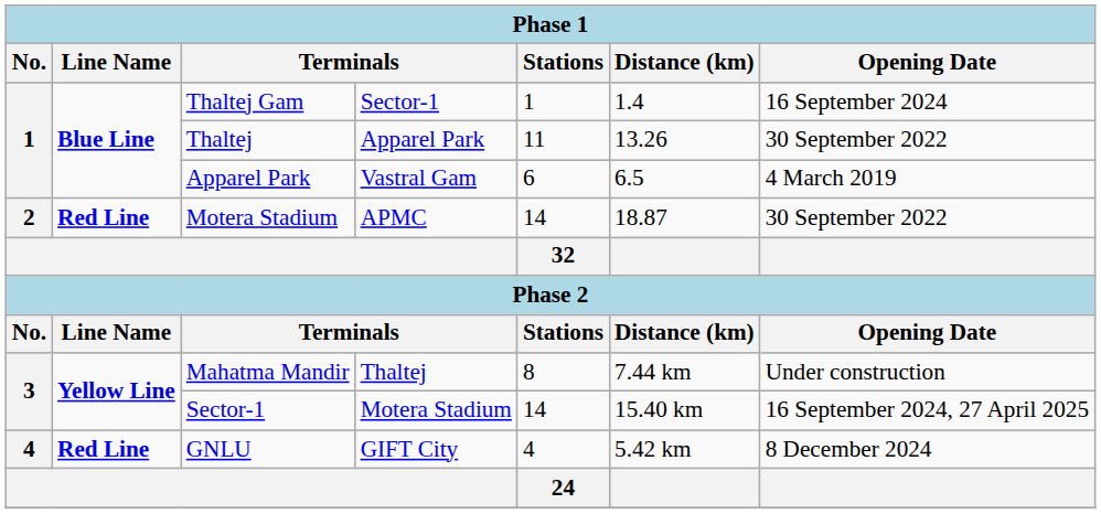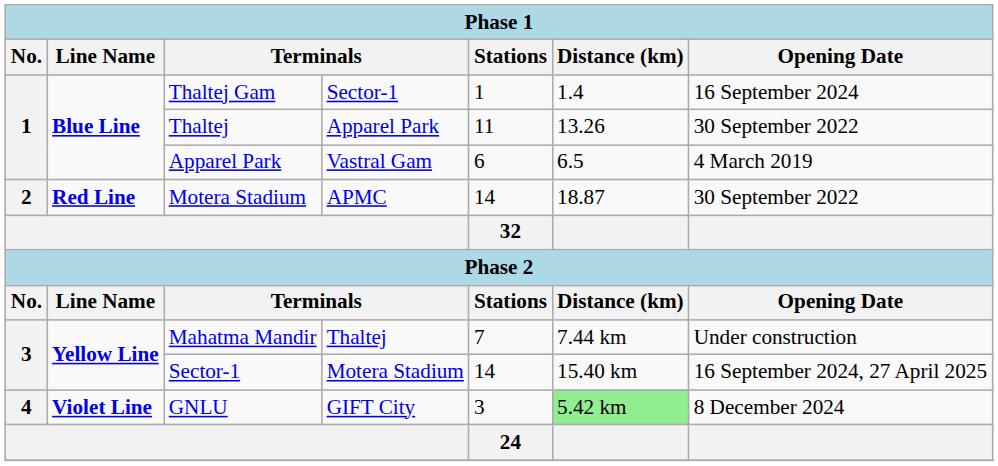 <table class="wikitable sortable" style="font-size:85%;margin:auto">
 <tr>
 <th colspan="7" style="background:#ADD8E6;">Phase 1</th>
 </tr>
 <tr>
 <th>No.</th>
 <th>Line Name</th>
 <th colspan="2">Terminals</th>
 <th>Stations</th>
 <th>Distance (km)</th>
 <th>Opening Date</th>
 </tr>
 <tr>
 <th rowspan="3">1</th>
 <td rowspan="3" style="background:#"><a href='#'><span><strong>Blue Line</strong></span></a></td>
 <td><a href='#'>Thaltej Gam</a></td>
 <td><a href='#'>Sector-1</a></td>
 <td>1</td>
 <td>1.4</td>
 <td>16 September 2024</td>
 </tr>
 <tr>
 <td><a href='#'>Thaltej</a></td>
 <td><a href='#'>Apparel Park</a></td>
 <td>11</td>
 <td>13.26</td>
 <td>30 September 2022</td>
 </tr>
 <tr>
 <td><a href='#'>Apparel Park</a></td>
 <td><a href='#'>Vastral Gam</a></td>
 <td>6</td>
 <td>6.5</td>
 <td>4 March 2019</td>
 </tr>
 <tr>
 <th>2</th>
 <td style="background:#"><a href='#'><span><strong>Red Line</strong></span></a></td>
 <td><a href='#'>Motera Stadium</a></td>
 <td><a href='#'>APMC</a></td>
 <td>14</td>
 <td>18.87</td>
 <td>30 September 2022</td>
 </tr>
 <tr>
 <th colspan="4"></th>
 <th>32</th>
 <th></th>
 <th></th>
 </tr>
 <tr>
 <th colspan="7" style="background:#ADD8E6;">Phase 2</th>
 </tr>
 <tr>
 <th>No.</th>
 <th>Line Name</th>
 <th colspan="2">Terminals</th>
 <th>Stations</th>
 <th>Distance (km)</th>
 <th>Opening Date</th>
 </tr>
 <tr>
 <th rowspan="2">3</th>
 <td rowspan="2" style="background:#"><a href='#'><span><strong>Yellow Line</strong></span></a></td>
 <td><a href='#'>Mahatma Mandir</a></td>
 <td><a href='#'>Thaltej</a></td>
-<td>8</td>
+<td>7</td>
 <td>7.44 km</td>
 <td>Under construction</td>
 </tr>
 <tr>
 <td><a href='#'>Sector-1</a></td>
 <td><a href='#'>Motera Stadium</a></td>
 <td>14</td>
 <td>15.40 km</td>
 <td>16 September 2024, 27 April 2025</td>
 </tr>
 <tr>
 <th>4</th>
-<td style="background:#"><a href='#'><span><strong>Red Line</strong></span></a></td>
+<td style="background:#"><a href='#'><span><strong>Violet Line</strong></span></a></td>
 <td><a href='#'>GNLU</a></td>
 <td><a href='#'>GIFT City</a></td>
-<td>4</td>
-<td>5.42 km</td>
+<td>3</td>
+<td style="background: lightgreen;">5.42 km</td>
 <td>8 December 2024</td>
 </tr>
 <tr>
 <th colspan="4"></th>
 <th>24</th>
 <th></th>
 <th></th>
 </tr>
 <tr>
 </tr>
 </table>
